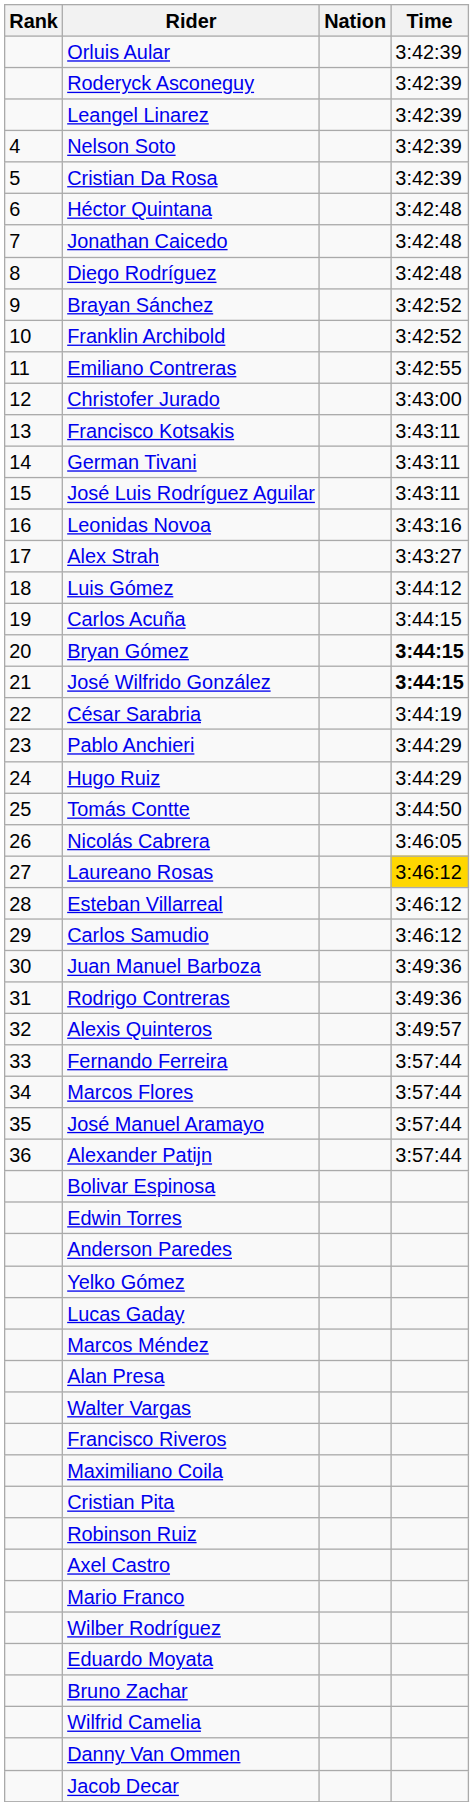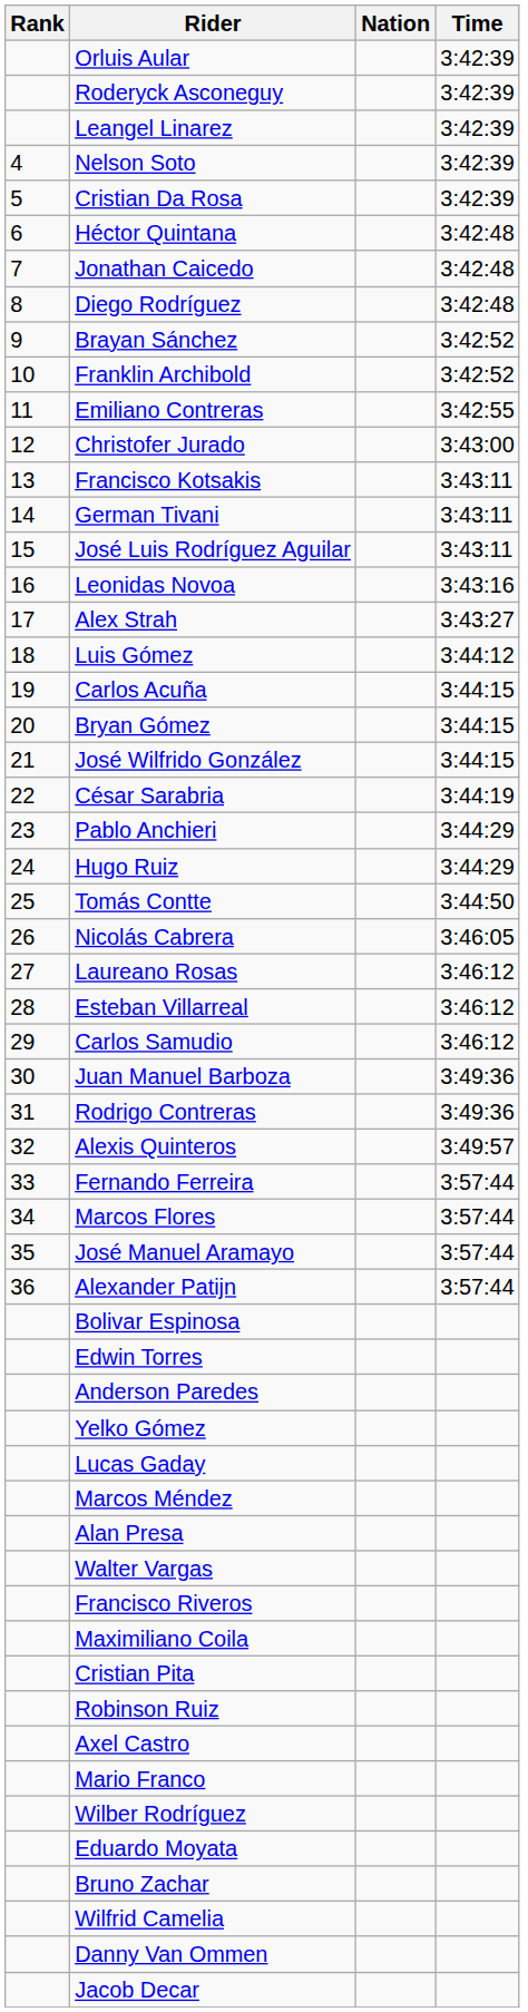 <table class="wikitable sortable" style="font-size:95%" style="width:35em;" style="text-align:center">
 <tr>
 <th>Rank</th>
 <th>Rider</th>
 <th>Nation</th>
 <th>Time</th>
 </tr>
 <tr>
 <td></td>
 <td align=left><a href='#'>Orluis Aular</a></td>
 <td align=left></td>
 <td>3:42:39</td>
 </tr>
 <tr>
 <td></td>
 <td align=left><a href='#'>Roderyck Asconeguy</a></td>
 <td align=left></td>
 <td>3:42:39</td>
 </tr>
 <tr>
 <td></td>
 <td align=left><a href='#'>Leangel Linarez</a></td>
 <td align=left></td>
 <td>3:42:39</td>
 </tr>
 <tr>
 <td>4</td>
 <td align=left><a href='#'>Nelson Soto</a></td>
 <td align=left></td>
 <td>3:42:39</td>
 </tr>
 <tr>
 <td>5</td>
 <td align=left><a href='#'>Cristian Da Rosa</a></td>
 <td align=left></td>
 <td>3:42:39</td>
 </tr>
 <tr>
 <td>6</td>
 <td align=left><a href='#'>Héctor Quintana</a></td>
 <td align=left></td>
 <td>3:42:48</td>
 </tr>
 <tr>
 <td>7</td>
 <td align=left><a href='#'>Jonathan Caicedo</a></td>
 <td align=left></td>
 <td>3:42:48</td>
 </tr>
 <tr>
 <td>8</td>
 <td align=left><a href='#'>Diego Rodríguez</a></td>
 <td align=left></td>
 <td>3:42:48</td>
 </tr>
 <tr>
 <td>9</td>
 <td align=left><a href='#'>Brayan Sánchez</a></td>
 <td align=left></td>
 <td>3:42:52</td>
 </tr>
 <tr>
 <td>10</td>
 <td align=left><a href='#'>Franklin Archibold</a></td>
 <td align=left></td>
 <td>3:42:52</td>
 </tr>
 <tr>
 <td>11</td>
 <td align=left><a href='#'>Emiliano Contreras</a></td>
 <td align=left></td>
 <td>3:42:55</td>
 </tr>
 <tr>
 <td>12</td>
 <td align=left><a href='#'>Christofer Jurado</a></td>
 <td align=left></td>
 <td>3:43:00</td>
 </tr>
 <tr>
 <td>13</td>
 <td align=left><a href='#'>Francisco Kotsakis</a></td>
 <td align=left></td>
 <td>3:43:11</td>
 </tr>
 <tr>
 <td>14</td>
 <td align=left><a href='#'>German Tivani</a></td>
 <td align=left></td>
 <td>3:43:11</td>
 </tr>
 <tr>
 <td>15</td>
 <td align=left><a href='#'>José Luis Rodríguez Aguilar</a></td>
 <td align=left></td>
 <td>3:43:11</td>
 </tr>
 <tr>
 <td>16</td>
 <td align=left><a href='#'>Leonidas Novoa</a></td>
 <td align=left></td>
 <td>3:43:16</td>
 </tr>
 <tr>
 <td>17</td>
 <td align=left><a href='#'>Alex Strah</a></td>
 <td align=left></td>
 <td>3:43:27</td>
 </tr>
 <tr>
 <td>18</td>
 <td align=left><a href='#'>Luis Gómez</a></td>
 <td align=left></td>
 <td>3:44:12</td>
 </tr>
 <tr>
 <td>19</td>
 <td align=left><a href='#'>Carlos Acuña</a></td>
 <td align=left></td>
 <td>3:44:15</td>
 </tr>
 <tr>
 <td>20</td>
 <td align=left><a href='#'>Bryan Gómez</a></td>
 <td align=left></td>
-<td><strong>3:44:15</strong></td>
+<td>3:44:15</td>
 </tr>
 <tr>
 <td>21</td>
 <td align=left><a href='#'>José Wilfrido González</a></td>
 <td align=left></td>
-<td><strong>3:44:15</strong></td>
+<td>3:44:15</td>
 </tr>
 <tr>
 <td>22</td>
 <td align=left><a href='#'>César Sarabria</a></td>
 <td align=left></td>
 <td>3:44:19</td>
 </tr>
 <tr>
 <td>23</td>
 <td align=left><a href='#'>Pablo Anchieri</a></td>
 <td align=left></td>
 <td>3:44:29</td>
 </tr>
 <tr>
 <td>24</td>
 <td align=left><a href='#'>Hugo Ruiz</a></td>
 <td align=left></td>
 <td>3:44:29</td>
 </tr>
 <tr>
 <td>25</td>
 <td align=left><a href='#'>Tomás Contte</a></td>
 <td align=left></td>
 <td>3:44:50</td>
 </tr>
 <tr>
 <td>26</td>
 <td align=left><a href='#'>Nicolás Cabrera</a></td>
 <td align=left></td>
 <td>3:46:05</td>
 </tr>
 <tr>
 <td>27</td>
 <td align=left><a href='#'>Laureano Rosas</a></td>
 <td align=left></td>
-<td style="background: gold;">3:46:12</td>
+<td>3:46:12</td>
 </tr>
 <tr>
 <td>28</td>
 <td align=left><a href='#'>Esteban Villarreal</a></td>
 <td align=left></td>
 <td>3:46:12</td>
 </tr>
 <tr>
 <td>29</td>
 <td align=left><a href='#'>Carlos Samudio</a></td>
 <td align=left></td>
 <td>3:46:12</td>
 </tr>
 <tr>
 <td>30</td>
 <td align=left><a href='#'>Juan Manuel Barboza</a></td>
 <td align=left></td>
 <td>3:49:36</td>
 </tr>
 <tr>
 <td>31</td>
 <td align=left><a href='#'>Rodrigo Contreras</a></td>
 <td align=left></td>
 <td>3:49:36</td>
 </tr>
 <tr>
 <td>32</td>
 <td align=left><a href='#'>Alexis Quinteros</a></td>
 <td align=left></td>
 <td>3:49:57</td>
 </tr>
 <tr>
 <td>33</td>
 <td align=left><a href='#'>Fernando Ferreira</a></td>
 <td align=left></td>
 <td>3:57:44</td>
 </tr>
 <tr>
 <td>34</td>
 <td align=left><a href='#'>Marcos Flores</a></td>
 <td align=left></td>
 <td>3:57:44</td>
 </tr>
 <tr>
 <td>35</td>
 <td align=left><a href='#'>José Manuel Aramayo</a></td>
 <td align=left></td>
 <td>3:57:44</td>
 </tr>
 <tr>
 <td>36</td>
 <td align=left><a href='#'>Alexander Patijn</a></td>
 <td align=left></td>
 <td>3:57:44</td>
 </tr>
 <tr>
 <td></td>
 <td align=left><a href='#'>Bolivar Espinosa</a></td>
 <td align=left></td>
 <td></td>
 </tr>
 <tr>
 <td></td>
 <td align=left><a href='#'>Edwin Torres</a></td>
 <td align=left></td>
 <td></td>
 </tr>
 <tr>
 <td></td>
 <td align=left><a href='#'>Anderson Paredes</a></td>
 <td align=left></td>
 <td></td>
 </tr>
 <tr>
 <td></td>
 <td align=left><a href='#'>Yelko Gómez</a></td>
 <td align=left></td>
 <td></td>
 </tr>
 <tr>
 <td></td>
 <td align=left><a href='#'>Lucas Gaday</a></td>
 <td align=left></td>
 <td></td>
 </tr>
 <tr>
 <td></td>
 <td align=left><a href='#'>Marcos Méndez</a></td>
 <td align=left></td>
 <td></td>
 </tr>
 <tr>
 <td></td>
 <td align=left><a href='#'>Alan Presa</a></td>
 <td align=left></td>
 <td></td>
 </tr>
 <tr>
 <td></td>
 <td align=left><a href='#'>Walter Vargas</a></td>
 <td align=left></td>
 <td></td>
 </tr>
 <tr>
 <td></td>
 <td align=left><a href='#'>Francisco Riveros</a></td>
 <td align=left></td>
 <td></td>
 </tr>
 <tr>
 <td></td>
 <td align=left><a href='#'>Maximiliano Coila</a></td>
 <td align=left></td>
 <td></td>
 </tr>
 <tr>
 <td></td>
 <td align=left><a href='#'>Cristian Pita</a></td>
 <td align=left></td>
 <td></td>
 </tr>
 <tr>
 <td></td>
 <td align=left><a href='#'>Robinson Ruiz</a></td>
 <td align=left></td>
 <td></td>
 </tr>
 <tr>
 <td></td>
 <td align=left><a href='#'>Axel Castro</a></td>
 <td align=left></td>
 <td></td>
 </tr>
 <tr>
 <td></td>
 <td align=left><a href='#'>Mario Franco</a></td>
 <td align=left></td>
 <td></td>
 </tr>
 <tr>
 <td></td>
 <td align=left><a href='#'>Wilber Rodríguez</a></td>
 <td align=left></td>
 <td></td>
 </tr>
 <tr>
 <td></td>
 <td align=left><a href='#'>Eduardo Moyata</a></td>
 <td align=left></td>
 <td></td>
 </tr>
 <tr>
 <td></td>
 <td align=left><a href='#'>Bruno Zachar</a></td>
 <td align=left></td>
 <td></td>
 </tr>
 <tr>
 <td></td>
 <td align=left><a href='#'>Wilfrid Camelia</a></td>
 <td align=left></td>
 <td></td>
 </tr>
 <tr>
 <td></td>
 <td align=left><a href='#'>Danny Van Ommen</a></td>
 <td align=left></td>
 <td></td>
 </tr>
 <tr>
 <td></td>
 <td align=left><a href='#'>Jacob Decar</a></td>
 <td align=left></td>
 <td></td>
 </tr>
 <tr>
 </tr>
 </table>
